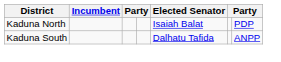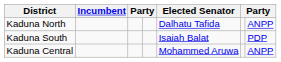 <table class="sortable wikitable" style="font-size:95%;line-height:14px;">
 <tr>
 <th class="unsortable">District</th>
 <th class="unsortable"><a href='#'>Incumbent</a></th>
 <th colspan="2">Party</th>
 <th class="unsortable">Elected Senator</th>
 <th colspan="2">Party</th>
 </tr>
 <tr>
 <td>Kaduna North</td>
 <td></td>
 <td></td>
 <td></td>
-<td><a href='#'>Isaiah Balat</a></td>
+<td><a href='#'>Dalhatu Tafida</a></td>
 <td style="background:"></td>
-<td><a href='#'>PDP</a></td>
+<td><a href='#'>ANPP</a></td>
 </tr>
 <tr>
 <td>Kaduna South</td>
 <td></td>
 <td></td>
 <td></td>
-<td><a href='#'>Dalhatu Tafida</a></td>
+<td><a href='#'>Isaiah Balat</a></td>
+<td style="background:"></td>
+<td><a href='#'>PDP</a></td>
+</tr>
+<tr>
+<td>Kaduna Central</td>
+<td></td>
+<td></td>
+<td></td>
+<td><a href='#'>Mohammed Aruwa</a></td>
 <td style="background:"></td>
 <td><a href='#'>ANPP</a></td>
 </tr>
 </table>
